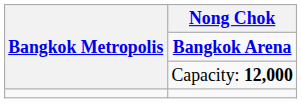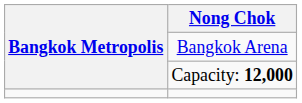 <table class="wikitable" style="text-align:center; margin:1em auto;">
 <tr>
 <th rowspan=3><a href='#'>Bangkok Metropolis</a></th>
 <th><a href='#'>Nong Chok</a></th>
 </tr>
 <tr>
-<td><strong><a href='#'>Bangkok Arena</a></strong></td>
+<td><a href='#'>Bangkok Arena</a></td>
 </tr>
 <tr>
 <td>Capacity: <strong>12,000</strong></td>
 </tr>
 <tr>
 <td></td>
 <td></td>
 </tr>
 </table>
